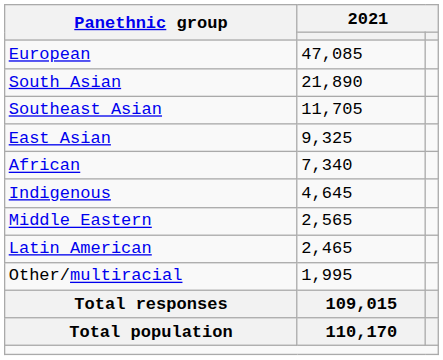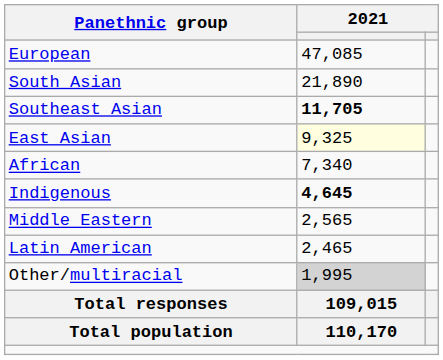 <table class="wikitable collapsible sortable">
 <tr>
 <th rowspan="2"><a href='#'>Panethnic</a> group</th>
 <th colspan="2">2021</th>
 </tr>
 <tr>
 <th><a href='#'></a></th>
 <th></th>
 </tr>
 <tr>
 <td><a href='#'>European</a></td>
 <td>47,085</td>
 <td></td>
 </tr>
 <tr>
 <td><a href='#'>South Asian</a></td>
 <td>21,890</td>
 <td></td>
 </tr>
 <tr>
 <td><a href='#'>Southeast Asian</a></td>
-<td>11,705</td>
+<td><strong>11,705</strong></td>
 <td></td>
 </tr>
 <tr>
 <td><a href='#'>East Asian</a></td>
-<td>9,325</td>
+<td style="background: lightyellow;">9,325</td>
 <td></td>
 </tr>
 <tr>
 <td><a href='#'>African</a></td>
 <td>7,340</td>
 <td></td>
 </tr>
 <tr>
 <td><a href='#'>Indigenous</a></td>
-<td>4,645</td>
+<td><strong>4,645</strong></td>
 <td></td>
 </tr>
 <tr>
 <td><a href='#'>Middle Eastern</a></td>
 <td>2,565</td>
 <td></td>
 </tr>
 <tr>
 <td><a href='#'>Latin American</a></td>
 <td>2,465</td>
 <td></td>
 </tr>
 <tr>
 <td>Other/<a href='#'>multiracial</a></td>
-<td>1,995</td>
+<td style="background: lightgrey;">1,995</td>
 <td></td>
 </tr>
 <tr>
 <th>Total responses</th>
 <th>109,015</th>
 <th></th>
 </tr>
 <tr class="sortbottom">
 <th>Total population</th>
 <th>110,170</th>
 <th></th>
 </tr>
 <tr class="sortbottom">
 <td colspan="15" style="width: 25em;"></td>
 </tr>
 </table>
